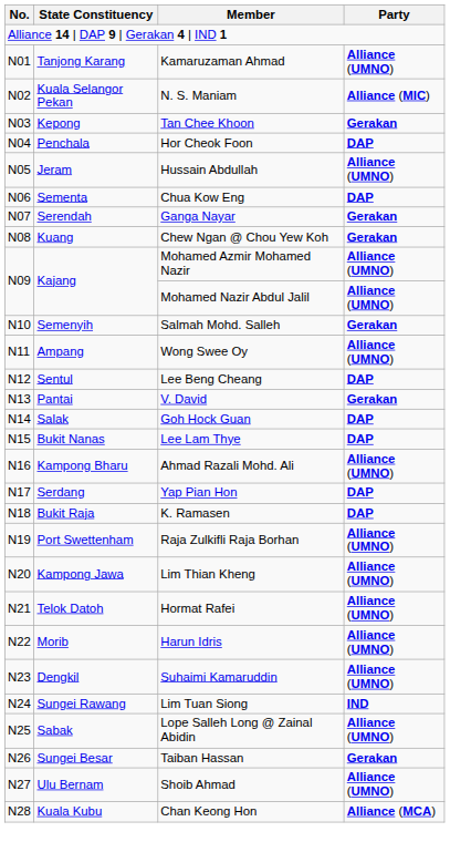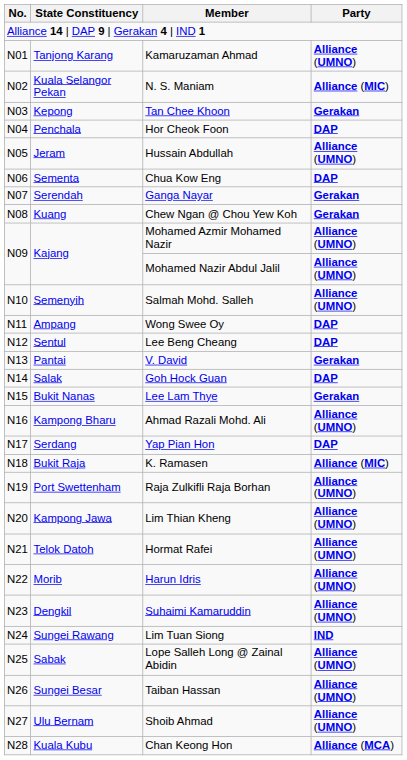 <table class="wikitable sortable">
 <tr>
 <th style="width:30px;">No.</th>
 <th style="width:150px;">State Constituency</th>
 <th style="width:230px;">Member</th>
 <th style="width:120px;">Party</th>
 </tr>
 <tr>
 <td colspan="4"><a href='#'>Alliance</a> <strong>14</strong> | <a href='#'>DAP</a> <strong>9</strong> | <a href='#'>Gerakan</a> <strong>4</strong> | <a href='#'>IND</a> <strong>1</strong></td>
 </tr>
 <tr>
 <td>N01</td>
 <td><a href='#'>Tanjong Karang</a></td>
 <td>Kamaruzaman Ahmad</td>
 <td><strong><a href='#'>Alliance</a></strong> (<strong><a href='#'>UMNO</a></strong>)</td>
 </tr>
 <tr>
 <td>N02</td>
 <td><a href='#'>Kuala Selangor Pekan</a></td>
 <td>N. S. Maniam</td>
 <td><strong><a href='#'>Alliance</a></strong> (<strong><a href='#'>MIC</a></strong>)</td>
 </tr>
 <tr>
 <td>N03</td>
 <td><a href='#'>Kepong</a></td>
 <td><a href='#'>Tan Chee Khoon</a></td>
 <td><strong><a href='#'>Gerakan</a></strong></td>
 </tr>
 <tr>
 <td>N04</td>
 <td><a href='#'>Penchala</a></td>
 <td>Hor Cheok Foon</td>
 <td><strong><a href='#'>DAP</a></strong></td>
 </tr>
 <tr>
 <td>N05</td>
 <td><a href='#'>Jeram</a></td>
 <td>Hussain Abdullah</td>
 <td><strong><a href='#'>Alliance</a></strong> (<strong><a href='#'>UMNO</a></strong>)</td>
 </tr>
 <tr>
 <td>N06</td>
 <td><a href='#'>Sementa</a></td>
 <td>Chua Kow Eng</td>
 <td><strong><a href='#'>DAP</a></strong></td>
 </tr>
 <tr>
 <td>N07</td>
 <td><a href='#'>Serendah</a></td>
 <td><a href='#'>Ganga Nayar</a></td>
 <td><strong><a href='#'>Gerakan</a></strong></td>
 </tr>
 <tr>
 <td>N08</td>
 <td><a href='#'>Kuang</a></td>
 <td>Chew Ngan @ Chou Yew Koh</td>
 <td><strong><a href='#'>Gerakan</a></strong></td>
 </tr>
 <tr>
 <td rowspan=2>N09</td>
 <td rowspan=2><a href='#'>Kajang</a></td>
 <td>Mohamed Azmir Mohamed Nazir </td>
 <td><strong><a href='#'>Alliance</a></strong> (<strong><a href='#'>UMNO</a></strong>)</td>
 </tr>
 <tr>
 <td>Mohamed Nazir Abdul Jalil </td>
 <td><strong><a href='#'>Alliance</a></strong> (<strong><a href='#'>UMNO</a></strong>)</td>
 </tr>
 <tr>
 <td>N10</td>
 <td><a href='#'>Semenyih</a></td>
 <td>Salmah Mohd. Salleh</td>
-<td><strong><a href='#'>Gerakan</a></strong></td>
+<td><strong><a href='#'>Alliance</a></strong> (<strong><a href='#'>UMNO</a></strong>)</td>
 </tr>
 <tr>
 <td>N11</td>
 <td><a href='#'>Ampang</a></td>
 <td>Wong Swee Oy</td>
-<td><strong><a href='#'>Alliance</a></strong> (<strong><a href='#'>UMNO</a></strong>)</td>
+<td><strong><a href='#'>DAP</a></strong></td>
 </tr>
 <tr>
 <td>N12</td>
 <td><a href='#'>Sentul</a></td>
 <td>Lee Beng Cheang</td>
 <td><strong><a href='#'>DAP</a></strong></td>
 </tr>
 <tr>
 <td>N13</td>
 <td><a href='#'>Pantai</a></td>
 <td><a href='#'>V. David</a></td>
 <td><strong><a href='#'>Gerakan</a></strong></td>
 </tr>
 <tr>
 <td>N14</td>
 <td><a href='#'>Salak</a></td>
 <td><a href='#'>Goh Hock Guan</a></td>
 <td><strong><a href='#'>DAP</a></strong></td>
 </tr>
 <tr>
 <td>N15</td>
 <td><a href='#'>Bukit Nanas</a></td>
 <td><a href='#'>Lee Lam Thye</a></td>
-<td><strong><a href='#'>DAP</a></strong></td>
+<td><strong><a href='#'>Gerakan</a></strong></td>
 </tr>
 <tr>
 <td>N16</td>
 <td><a href='#'>Kampong Bharu</a></td>
 <td>Ahmad Razali Mohd. Ali</td>
 <td><strong><a href='#'>Alliance</a></strong> (<strong><a href='#'>UMNO</a></strong>)</td>
 </tr>
 <tr>
 <td>N17</td>
 <td><a href='#'>Serdang</a></td>
 <td><a href='#'>Yap Pian Hon</a></td>
 <td><strong><a href='#'>DAP</a></strong></td>
 </tr>
 <tr>
 <td>N18</td>
 <td><a href='#'>Bukit Raja</a></td>
 <td>K. Ramasen</td>
-<td><strong><a href='#'>DAP</a></strong></td>
+<td><strong><a href='#'>Alliance</a></strong> (<strong><a href='#'>MIC</a></strong>)</td>
 </tr>
 <tr>
 <td>N19</td>
 <td><a href='#'>Port Swettenham</a></td>
 <td>Raja Zulkifli Raja Borhan</td>
 <td><strong><a href='#'>Alliance</a></strong> (<strong><a href='#'>UMNO</a></strong>)</td>
 </tr>
 <tr>
 <td>N20</td>
 <td><a href='#'>Kampong Jawa</a></td>
 <td>Lim Thian Kheng</td>
 <td><strong><a href='#'>Alliance</a></strong> (<strong><a href='#'>UMNO</a></strong>)</td>
 </tr>
 <tr>
 <td>N21</td>
 <td><a href='#'>Telok Datoh</a></td>
 <td>Hormat Rafei</td>
 <td><strong><a href='#'>Alliance</a></strong> (<strong><a href='#'>UMNO</a></strong>)</td>
 </tr>
 <tr>
 <td>N22</td>
 <td><a href='#'>Morib</a></td>
 <td><a href='#'>Harun Idris</a></td>
 <td><strong><a href='#'>Alliance</a></strong> (<strong><a href='#'>UMNO</a></strong>)</td>
 </tr>
 <tr>
 <td>N23</td>
 <td><a href='#'>Dengkil</a></td>
 <td><a href='#'>Suhaimi Kamaruddin</a></td>
 <td><strong><a href='#'>Alliance</a></strong> (<strong><a href='#'>UMNO</a></strong>)</td>
 </tr>
 <tr>
 <td>N24</td>
 <td><a href='#'>Sungei Rawang</a></td>
 <td>Lim Tuan Siong</td>
 <td><strong><a href='#'>IND</a></strong></td>
 </tr>
 <tr>
 <td>N25</td>
 <td><a href='#'>Sabak</a></td>
 <td>Lope Salleh Long @ Zainal Abidin</td>
 <td><strong><a href='#'>Alliance</a></strong> (<strong><a href='#'>UMNO</a></strong>)</td>
 </tr>
 <tr>
 <td>N26</td>
 <td><a href='#'>Sungei Besar</a></td>
 <td>Taiban Hassan</td>
-<td><strong><a href='#'>Gerakan</a></strong></td>
+<td><strong><a href='#'>Alliance</a></strong> (<strong><a href='#'>UMNO</a></strong>)</td>
 </tr>
 <tr>
 <td>N27</td>
 <td><a href='#'>Ulu Bernam</a></td>
 <td>Shoib Ahmad</td>
 <td><strong><a href='#'>Alliance</a></strong> (<strong><a href='#'>UMNO</a></strong>)</td>
 </tr>
 <tr>
 <td>N28</td>
 <td><a href='#'>Kuala Kubu</a></td>
 <td>Chan Keong Hon</td>
 <td><strong><a href='#'>Alliance</a></strong> (<strong><a href='#'>MCA</a></strong>)</td>
 </tr>
 </table>
